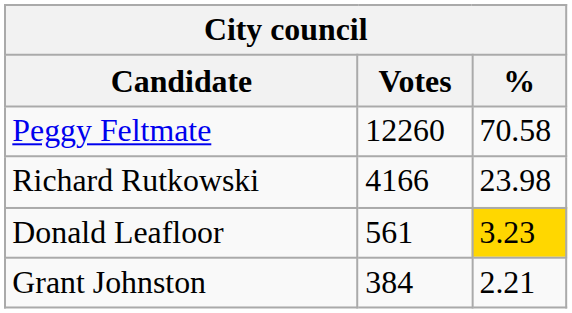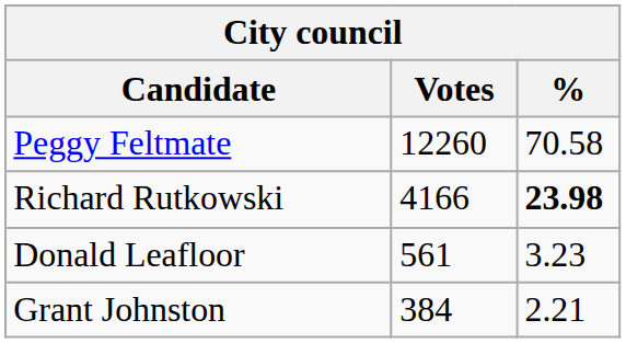 <table class="wikitable">
 <tr>
 <th colspan="3">City council</th>
 </tr>
 <tr>
 <th style="width: 170px">Candidate</th>
 <th style="width: 50px">Votes</th>
 <th style="width: 40px">%</th>
 </tr>
 <tr>
 <td><a href='#'>Peggy Feltmate</a></td>
 <td>12260</td>
 <td>70.58</td>
 </tr>
 <tr>
 <td>Richard Rutkowski</td>
 <td>4166</td>
-<td>23.98</td>
+<td><strong>23.98</strong></td>
 </tr>
 <tr>
 <td>Donald Leafloor</td>
 <td>561</td>
-<td style="background: gold;">3.23</td>
+<td>3.23</td>
 </tr>
 <tr>
 <td>Grant Johnston</td>
 <td>384</td>
 <td>2.21</td>
 </tr>
 </table>
